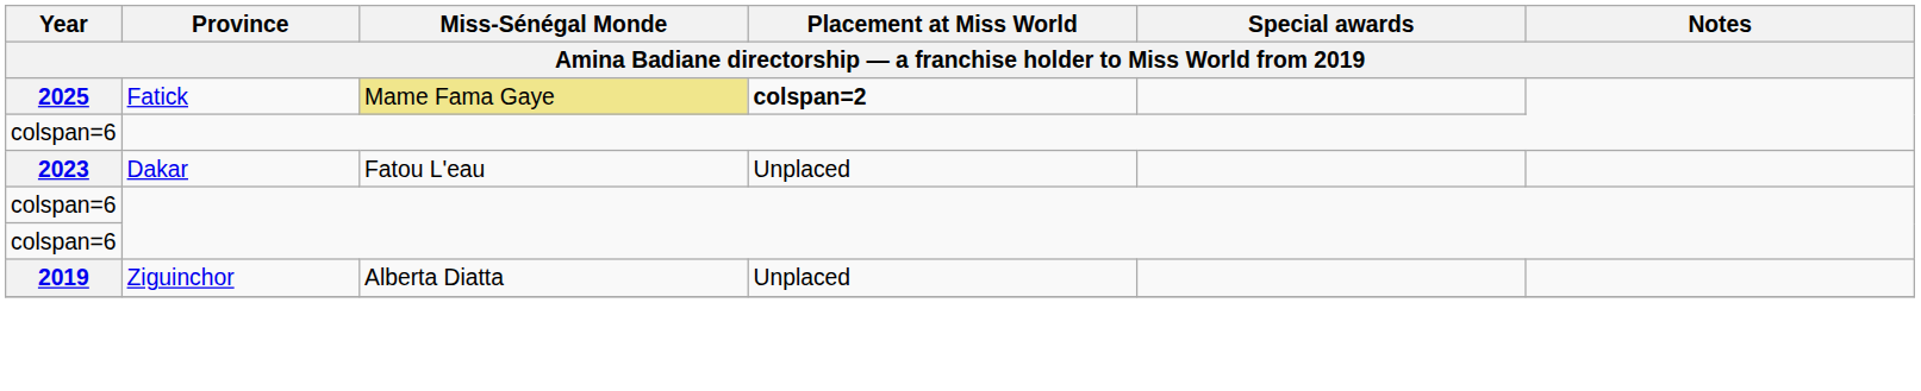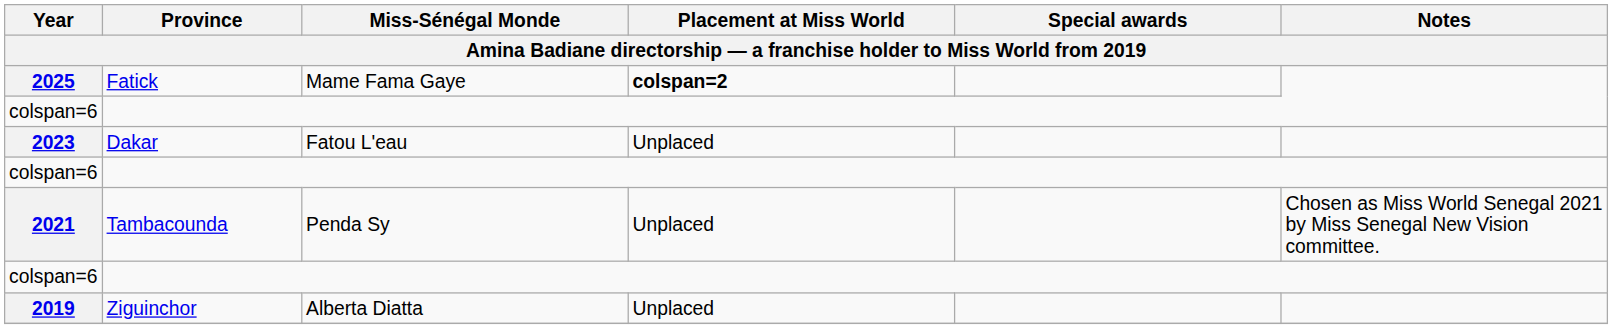 <table class="wikitable " style="font-size: 95%;">
 <tr>
 <th width="60">Year</th>
 <th width="150">Province</th>
 <th width="250">Miss-Sénégal Monde</th>
 <th width="250">Placement at Miss World</th>
 <th width="250">Special awards</th>
 <th width="250">Notes</th>
 </tr>
 <tr>
 <th colspan="6">Amina Badiane directorship — a franchise holder to Miss World from 2019</th>
 </tr>
 <tr>
 <th><a href='#'>2025</a></th>
 <td><a href='#'>Fatick</a></td>
-<td style="background: khaki;">Mame Fama Gaye</td>
+<td>Mame Fama Gaye</td>
 <td><strong>colspan=2 </strong></td>
 <td></td>
 </tr>
 <tr>
 <td>colspan=6 </td>
 </tr>
 <tr>
 <th><a href='#'>2023</a></th>
 <td><a href='#'>Dakar</a></td>
 <td>Fatou L'eau</td>
 <td>Unplaced</td>
 <td></td>
 <td></td>
 </tr>
 <tr>
 <td>colspan=6 </td>
 </tr>
 <tr>
+<th><a href='#'>2021</a></th>
+<td><a href='#'>Tambacounda</a></td>
+<td>Penda Sy</td>
+<td>Unplaced</td>
+<td></td>
+<td>Chosen as Miss World Senegal 2021 by Miss Senegal New Vision committee.</td>
+</tr>
+<tr>
 <td>colspan=6 </td>
 </tr>
 <tr>
 <th><a href='#'>2019</a></th>
 <td><a href='#'>Ziguinchor</a></td>
 <td>Alberta Diatta</td>
 <td>Unplaced</td>
 <td></td>
 <td></td>
 </tr>
 <tr>
 </tr>
 </table>
